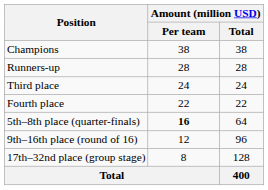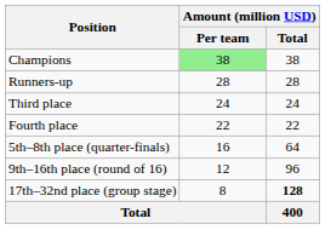 <table class="wikitable" style="text-align:center">
 <tr>
 <th rowspan="2">Position</th>
 <th colspan="2">Amount (million <a href='#'>USD</a>)</th>
 </tr>
 <tr>
 <th>Per team</th>
 <th>Total</th>
 </tr>
 <tr>
 <td align=left>Champions</td>
-<td>38</td>
+<td style="background: lightgreen;">38</td>
 <td>38</td>
 </tr>
 <tr>
 <td align=left>Runners-up</td>
 <td>28</td>
 <td>28</td>
 </tr>
 <tr>
 <td align=left>Third place</td>
 <td>24</td>
 <td>24</td>
 </tr>
 <tr>
 <td align=left>Fourth place</td>
 <td>22</td>
 <td>22</td>
 </tr>
 <tr>
 <td align=left>5th–8th place (quarter-finals)</td>
-<td><strong>16</strong></td>
+<td>16</td>
 <td>64</td>
 </tr>
 <tr>
 <td align=left>9th–16th place (round of 16)</td>
 <td>12</td>
 <td>96</td>
 </tr>
 <tr>
 <td align=left>17th–32nd place (group stage)</td>
 <td>8</td>
-<td>128</td>
+<td><strong>128</strong></td>
 </tr>
 <tr>
 <th colspan="2">Total</th>
 <th>400</th>
 </tr>
 </table>
